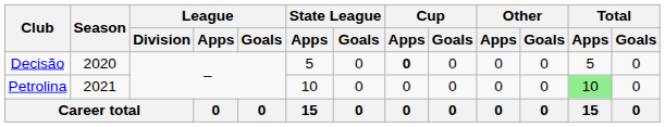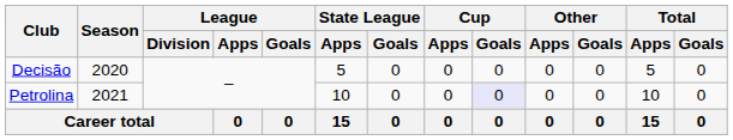 <table class="wikitable" style="text-align: center">
 <tr>
 <th rowspan="2">Club</th>
 <th rowspan="2">Season</th>
 <th colspan="3">League</th>
 <th colspan="2">State League</th>
 <th colspan="2">Cup</th>
 <th colspan="2">Other</th>
 <th colspan="2">Total</th>
 </tr>
 <tr>
 <th>Division</th>
 <th>Apps</th>
 <th>Goals</th>
 <th>Apps</th>
 <th>Goals</th>
 <th>Apps</th>
 <th>Goals</th>
 <th>Apps</th>
 <th>Goals</th>
 <th>Apps</th>
 <th>Goals</th>
 </tr>
 <tr>
 <td><a href='#'>Decisão</a></td>
 <td>2020</td>
 <td colspan="3" rowspan="2">–</td>
 <td>5</td>
 <td>0</td>
-<td><strong>0</strong></td>
+<td>0</td>
 <td>0</td>
 <td>0</td>
 <td>0</td>
 <td>5</td>
 <td>0</td>
 </tr>
 <tr>
 <td><a href='#'>Petrolina</a></td>
 <td>2021</td>
 <td>10</td>
 <td>0</td>
 <td>0</td>
+<td style="background: lavender;">0</td>
 <td>0</td>
 <td>0</td>
-<td>0</td>
-<td style="background: lightgreen;">10</td>
+<td>10</td>
 <td>0</td>
 </tr>
 <tr>
 <th colspan="3"><strong>Career total</strong></th>
 <th>0</th>
 <th>0</th>
 <th>15</th>
 <th>0</th>
 <th>0</th>
 <th>0</th>
 <th>0</th>
 <th>0</th>
 <th>15</th>
 <th>0</th>
 </tr>
 </table>
